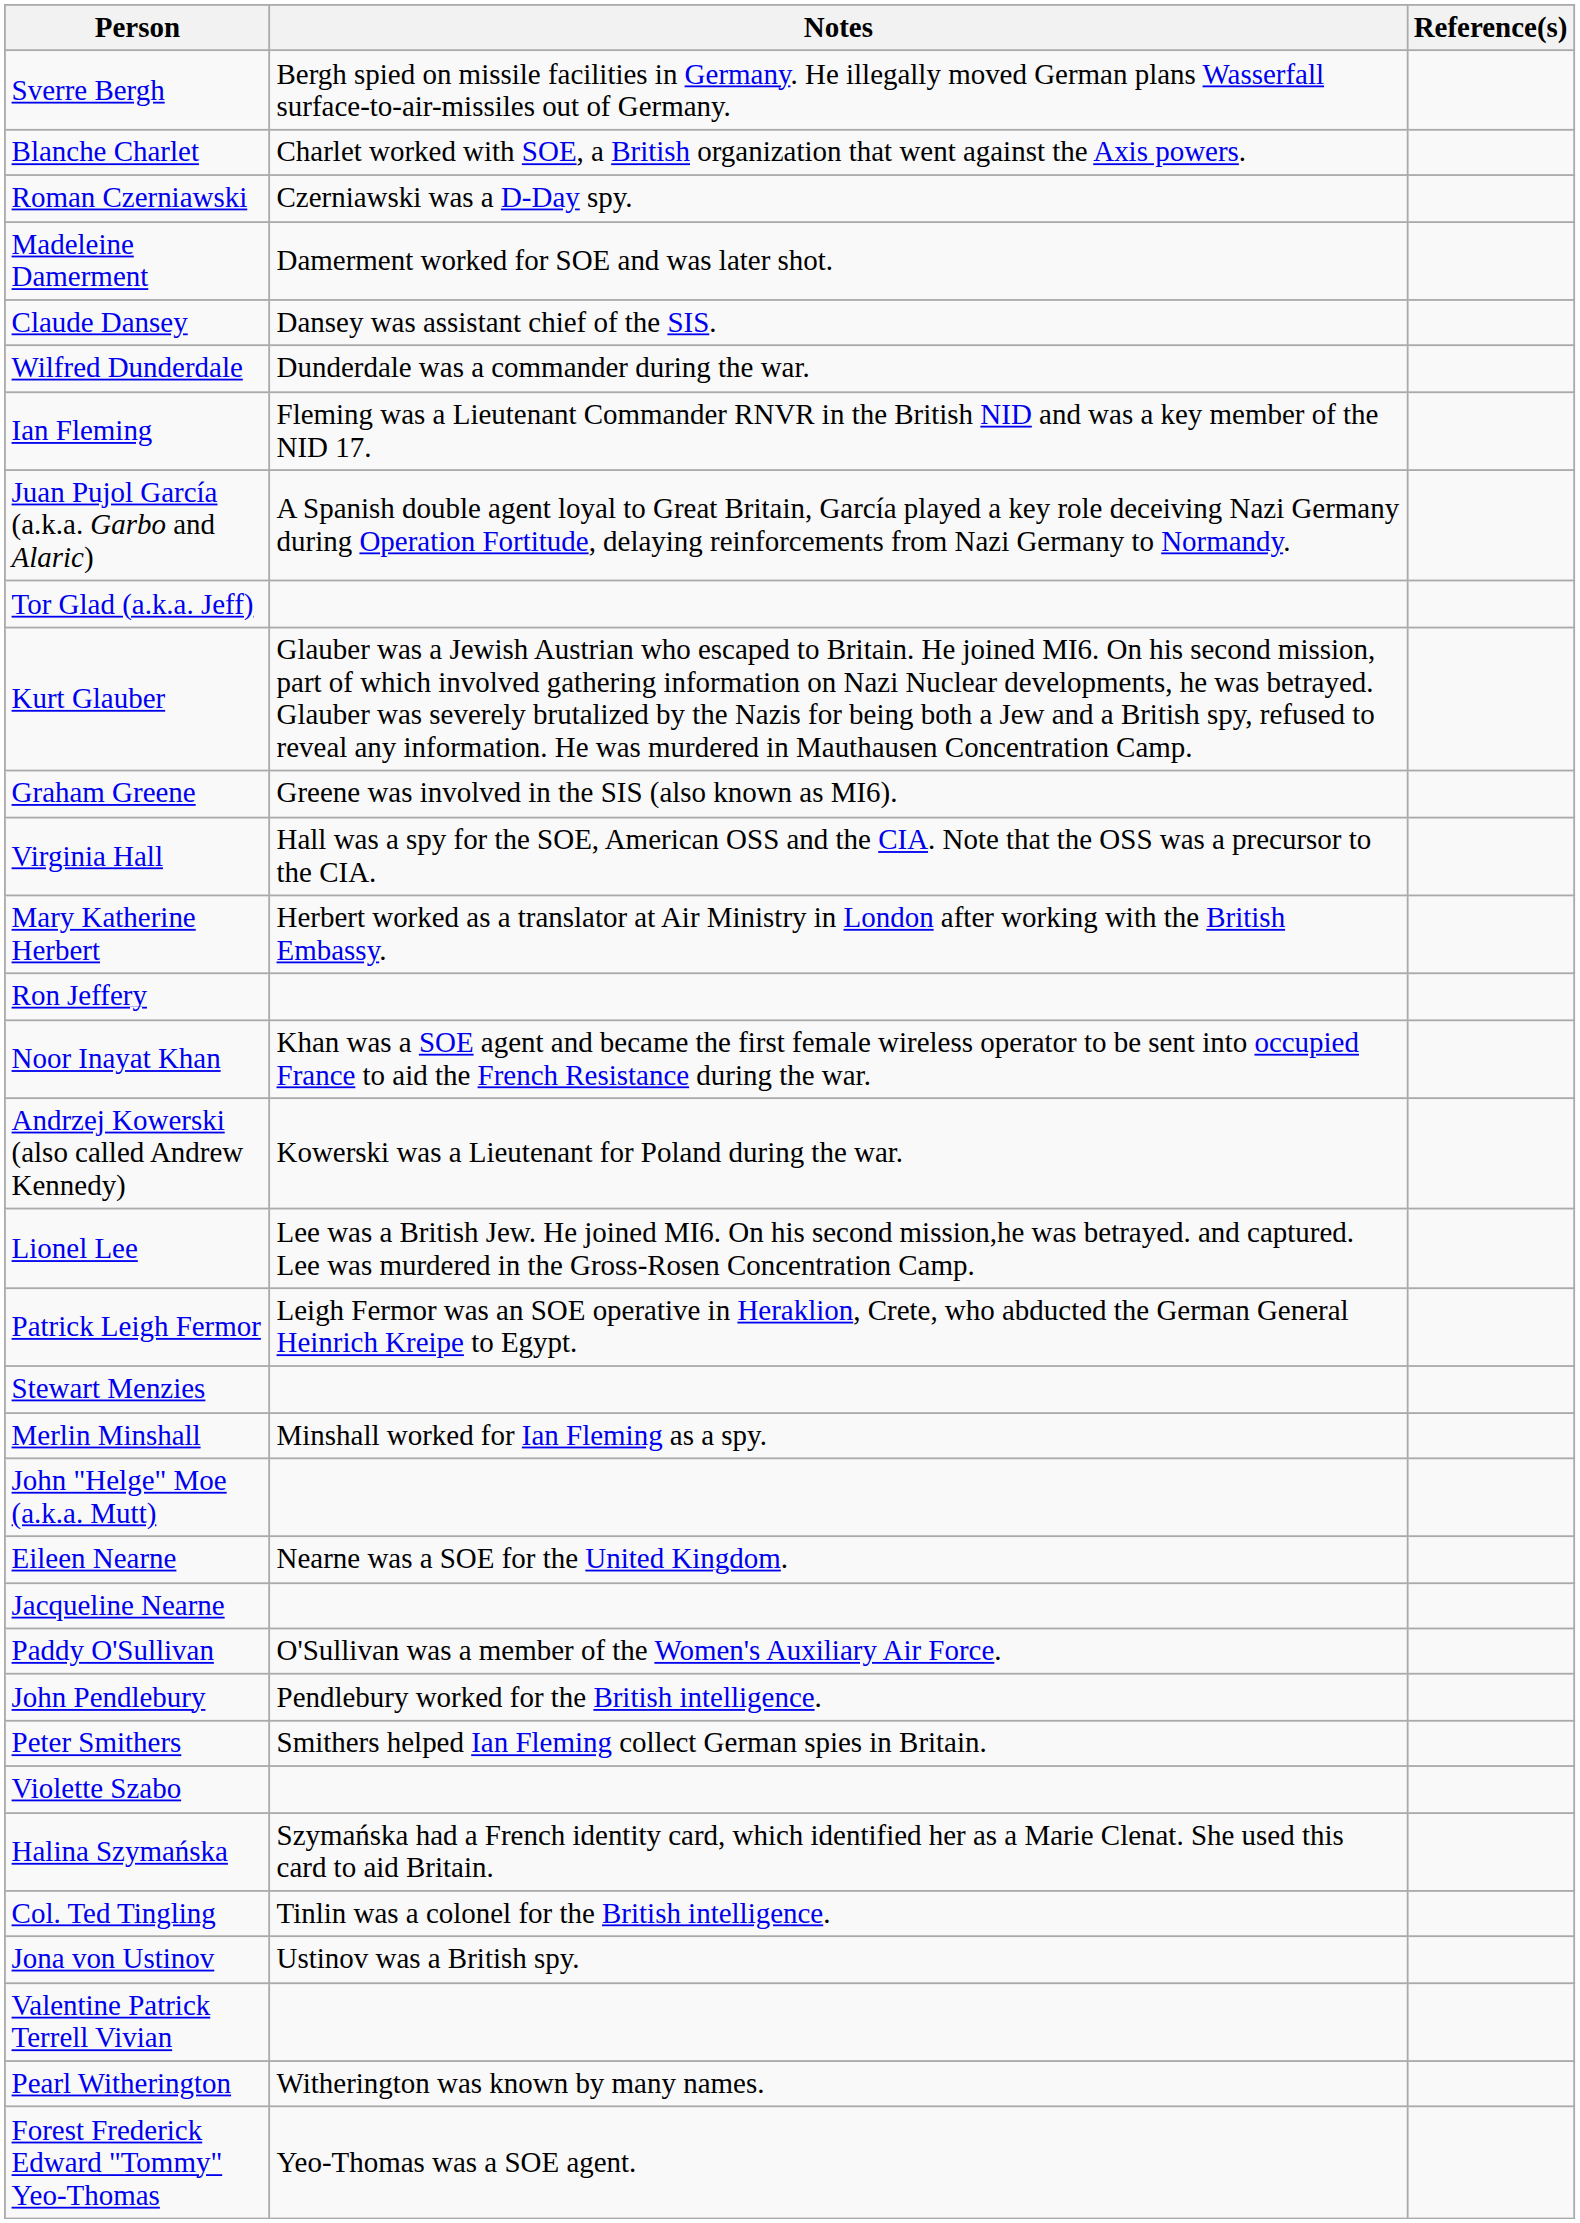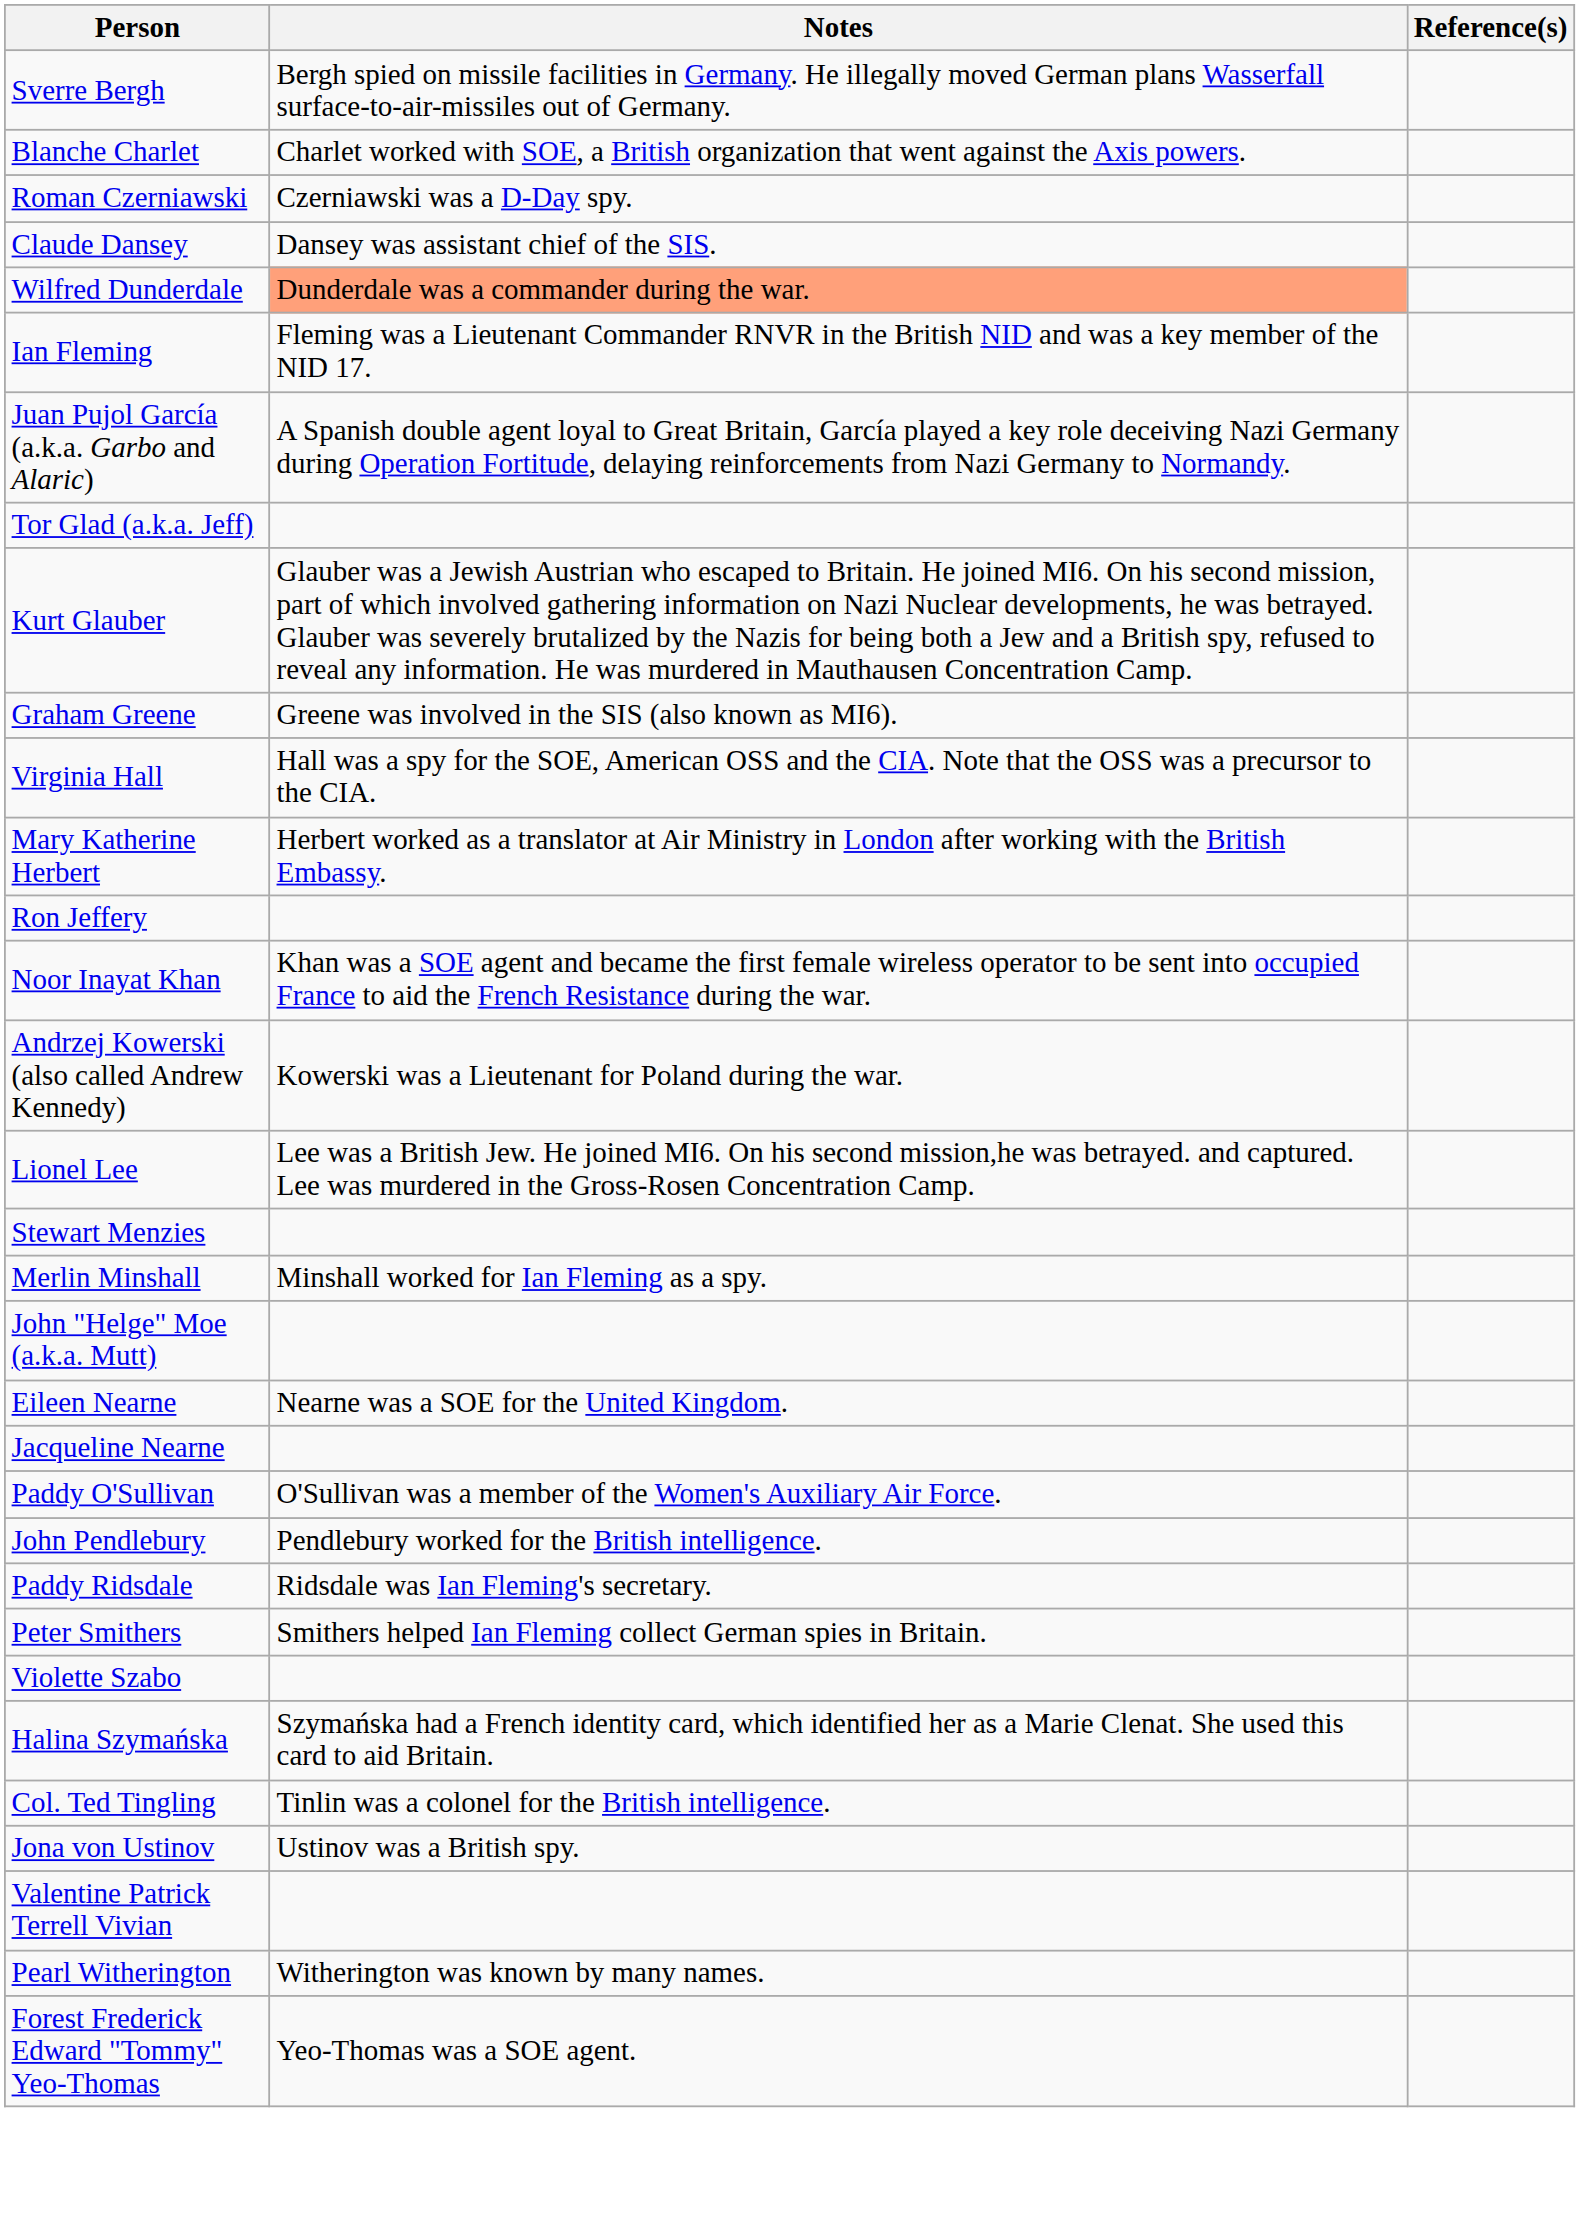 <table class="wikitable sortable">
 <tr>
 <th>Person</th>
 <th class="unsortable">Notes</th>
 <th class="unsortable">Reference(s)</th>
 </tr>
 <tr>
 <td data-sort-value="Bergh, Langil"><a href='#'>Sverre Bergh</a></td>
 <td>Bergh spied on missile facilities in <a href='#'>Germany</a>. He illegally moved German plans <a href='#'>Wasserfall</a> surface-to-air-missiles out of Germany.</td>
 <td></td>
 </tr>
 <tr>
 <td data-sort-value="Charlet, Blanche"><a href='#'>Blanche Charlet</a></td>
 <td>Charlet worked with <a href='#'>SOE</a>, a <a href='#'>British</a> organization that went against the <a href='#'>Axis powers</a>.</td>
 <td></td>
 </tr>
 <tr>
 <td data-sort-value="Czerniawski, Roman"><a href='#'>Roman Czerniawski</a></td>
 <td>Czerniawski was a <a href='#'>D-Day</a> spy.</td>
 <td></td>
 </tr>
 <tr>
-<td data-sort-value="Damerment, Madeleine"><a href='#'>Madeleine Damerment</a></td>
-<td>Damerment worked for SOE and was later shot.</td>
-<td></td>
-</tr>
-<tr>
 <td data-sort-value="Dansey, Claude"><a href='#'>Claude Dansey</a></td>
 <td>Dansey was assistant chief of the <a href='#'>SIS</a>.</td>
 <td></td>
 </tr>
 <tr>
 <td data-sort-value="Dunderdale, Wilfred"><a href='#'>Wilfred Dunderdale</a></td>
-<td>Dunderdale was a commander during the war.</td>
+<td style="background: lightsalmon;">Dunderdale was a commander during the war.</td>
 <td></td>
 </tr>
 <tr>
 <td data-sort-value="Fleming, Ian"><a href='#'>Ian Fleming</a></td>
 <td>Fleming was a Lieutenant Commander RNVR in the British <a href='#'>NID</a> and was a key member of the NID 17.</td>
 <td></td>
 </tr>
 <tr>
 <td data-sort-value="García, Juan Pujol"><a href='#'>Juan Pujol García</a> (a.k.a. <em>Garbo</em> and <em>Alaric</em>)</td>
 <td>A Spanish double agent loyal to Great Britain, García played a key role deceiving Nazi Germany during <a href='#'>Operation Fortitude</a>, delaying reinforcements from Nazi Germany to <a href='#'>Normandy</a>.</td>
 </tr>
 <tr>
 <td data-sort-value="Glad, Tor"><a href='#'>Tor Glad (a.k.a. Jeff)</a></td>
 <td></td>
 <td></td>
 </tr>
 <tr>
 <td data-sort-value="Glauber, Kurt Erich"><a href='#'>Kurt Glauber</a></td>
 <td>Glauber was a Jewish Austrian who escaped to Britain.  He joined MI6. On his second mission, part of which involved gathering information on Nazi Nuclear developments, he was betrayed. Glauber was severely brutalized by the Nazis for being both a Jew and a British spy, refused to reveal any information.  He was murdered in Mauthausen Concentration Camp.</td>
 <td></td>
 </tr>
 <tr>
 <td data-sort-value="Greene, Graham"><a href='#'>Graham Greene</a></td>
 <td>Greene was involved in the SIS (also known as MI6).</td>
 <td></td>
 </tr>
 <tr>
 <td data-sort-value="Hall, Virginia"><a href='#'>Virginia Hall</a></td>
 <td>Hall was a spy for the SOE, American OSS and the <a href='#'>CIA</a>. Note that the OSS was a precursor to the CIA.</td>
 <td></td>
 </tr>
 <tr>
 <td data-sort-value="Herbert, Mary Katherine"><a href='#'>Mary Katherine Herbert</a></td>
 <td>Herbert worked as a translator at Air Ministry in <a href='#'>London</a> after working with the <a href='#'>British Embassy</a>.</td>
 <td></td>
 </tr>
 <tr>
 <td data-sort-value="Jeffery, Ron"><a href='#'>Ron Jeffery</a></td>
 <td></td>
 <td></td>
 </tr>
 <tr>
 <td data-sort-value="Khan, Noor Inayat"><a href='#'>Noor Inayat Khan</a></td>
 <td>Khan was a <a href='#'>SOE</a> agent and became the first female wireless operator to be sent into <a href='#'>occupied France</a> to aid the <a href='#'>French Resistance</a> during the war.</td>
 <td></td>
 </tr>
 <tr>
 <td data-sort-value="Kowerski, Andrzej"><a href='#'>Andrzej Kowerski</a> (also called Andrew Kennedy)</td>
 <td>Kowerski was a Lieutenant for Poland during the war.</td>
 <td></td>
 </tr>
 <tr>
 <td data-sort-value="Lee, Lionel"><a href='#'>Lionel Lee</a></td>
 <td>Lee was a British Jew.  He joined MI6. On his second mission,he was betrayed. and captured. Lee was murdered in the Gross-Rosen Concentration Camp.</td>
 <td></td>
 </tr>
 <tr>
-<td data-sort-value="Leigh Fermor, Patrick"><a href='#'>Patrick Leigh Fermor</a></td>
-<td>Leigh Fermor was an SOE operative in <a href='#'>Heraklion</a>, Crete, who abducted the German General <a href='#'>Heinrich Kreipe</a> to Egypt.</td>
-<td></td>
-</tr>
-<tr>
 <td data-sort-value="Menzies, Stewart"><a href='#'>Stewart Menzies</a></td>
 <td></td>
 <td></td>
 </tr>
 <tr>
 <td data-sort-value="Minshall, Merlin"><a href='#'>Merlin Minshall</a></td>
 <td>Minshall worked for <a href='#'>Ian Fleming</a> as a spy.</td>
 <td></td>
 </tr>
 <tr>
 <td data-sort-value="Moe, John"><a href='#'>John "Helge" Moe (a.k.a. Mutt)</a></td>
 <td></td>
 <td></td>
 </tr>
 <tr>
 <td data-sort-value="Nearne, Eileen"><a href='#'>Eileen Nearne</a></td>
 <td>Nearne was a SOE for the <a href='#'>United Kingdom</a>.</td>
 <td></td>
 </tr>
 <tr>
 <td data-sort-value="Nearne, Jacqueline"><a href='#'>Jacqueline Nearne</a></td>
 <td></td>
 <td></td>
 </tr>
 <tr>
 <td data-sort-value="O'Sullivan, Paddy"><a href='#'>Paddy O'Sullivan</a></td>
 <td>O'Sullivan was a member of the <a href='#'>Women's Auxiliary Air Force</a>.</td>
 <td></td>
 </tr>
 <tr>
 <td data-sort-value="Pendlebury, John"><a href='#'>John Pendlebury</a></td>
 <td>Pendlebury worked for the <a href='#'>British intelligence</a>.</td>
+<td></td>
+</tr>
+<tr>
+<td data-sort-value="Ridsdale, Paddy"><a href='#'>Paddy Ridsdale</a></td>
+<td>Ridsdale was <a href='#'>Ian Fleming</a>'s secretary.</td>
 <td></td>
 </tr>
 <tr>
 <td data-sort-value="Smithers, Peter"><a href='#'>Peter Smithers</a></td>
 <td>Smithers helped <a href='#'>Ian Fleming</a> collect German spies in Britain.</td>
 <td></td>
 </tr>
 <tr>
 <td data-sort-value="Szabo, Violette"><a href='#'>Violette Szabo</a></td>
 <td></td>
 <td></td>
 </tr>
 <tr>
 <td data-sort-value="Szymańska, Halina"><a href='#'>Halina Szymańska</a></td>
 <td>Szymańska had a French identity card, which identified her as a Marie Clenat. She used this card to aid Britain.</td>
 <td></td>
 </tr>
 <tr>
 <td data-sort-value="Tingling, Ted"><a href='#'>Col. Ted Tingling</a></td>
 <td>Tinlin was a colonel for the <a href='#'>British intelligence</a>.</td>
 <td></td>
 </tr>
 <tr>
 <td data-sort-value="Ustinov, Jona von"><a href='#'>Jona von Ustinov</a></td>
 <td>Ustinov was a British spy.</td>
 <td></td>
 </tr>
 <tr>
 <td data-sort-value="Vivian, Valentine Patrick Terrell"><a href='#'>Valentine Patrick Terrell Vivian</a></td>
 <td></td>
 <td></td>
 </tr>
 <tr>
 <td data-sort-value="Witherington, Pearl"><a href='#'>Pearl Witherington</a></td>
 <td>Witherington was known by many names.</td>
 <td></td>
 </tr>
 <tr>
 <td data-sort-value="Yeo-Thomas,  Forest Frederick Edward"><a href='#'>Forest Frederick Edward "Tommy" Yeo-Thomas</a></td>
 <td>Yeo-Thomas was a SOE agent.</td>
 <td></td>
 </tr>
 </table>
